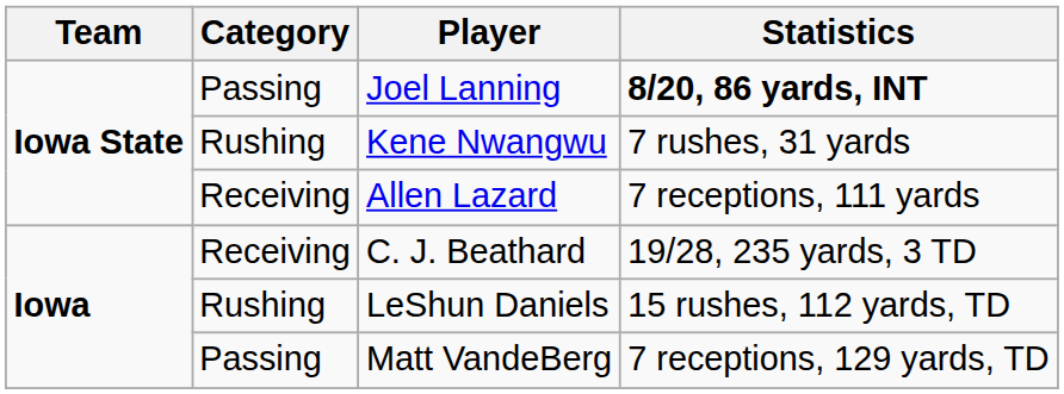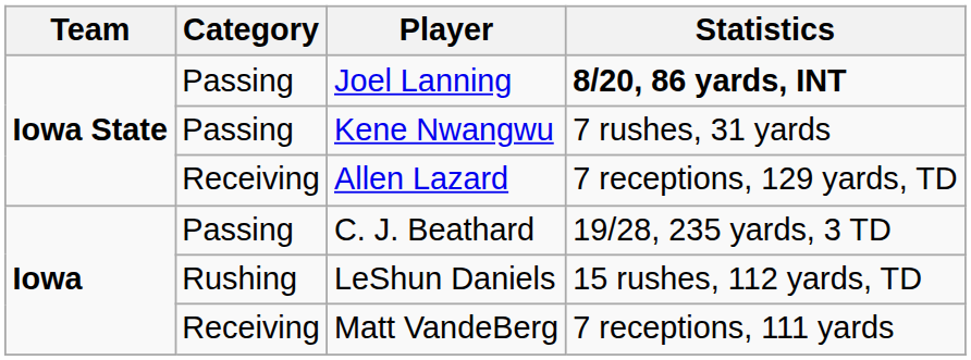 <table class="wikitable" style="float: left;">
 <tr>
 <th>Team</th>
 <th>Category</th>
 <th>Player</th>
 <th>Statistics</th>
 </tr>
 <tr>
 <td rowspan=3><strong>Iowa State</strong></td>
 <td>Passing</td>
 <td><a href='#'>Joel Lanning</a></td>
 <td><strong>8/20, 86 yards, INT</strong></td>
 </tr>
 <tr>
-<td>Rushing</td>
+<td>Passing</td>
 <td><a href='#'>Kene Nwangwu</a></td>
 <td>7 rushes, 31 yards</td>
 </tr>
 <tr>
 <td>Receiving</td>
 <td><a href='#'>Allen Lazard</a></td>
-<td>7 receptions, 111 yards</td>
+<td>7 receptions, 129 yards, TD</td>
 </tr>
 <tr>
 <td rowspan=3><strong>Iowa</strong></td>
-<td>Receiving</td>
+<td>Passing</td>
 <td>C. J. Beathard</td>
 <td>19/28, 235 yards, 3 TD</td>
 </tr>
 <tr>
 <td>Rushing</td>
 <td>LeShun Daniels</td>
 <td>15 rushes, 112 yards, TD</td>
 </tr>
 <tr>
-<td>Passing</td>
+<td>Receiving</td>
 <td>Matt VandeBerg</td>
-<td>7 receptions, 129 yards, TD</td>
+<td>7 receptions, 111 yards</td>
 </tr>
 </table>
